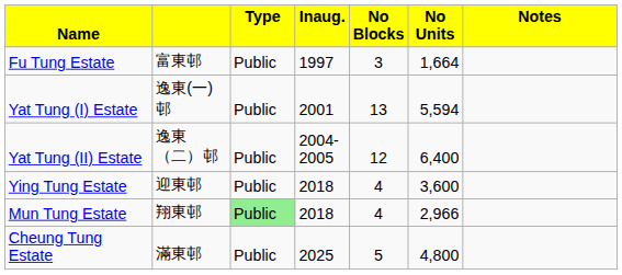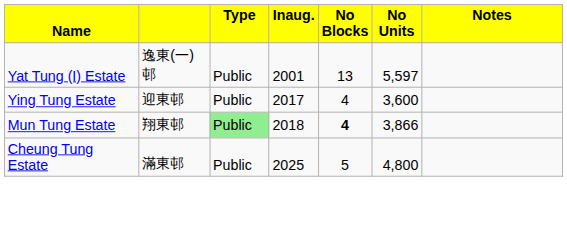 <table class="wikitable">
 <tr style="font-weight:bold;background-color:yellow" align="center" valign="top">
 <td width="143.25" Height="12.75" valign="bottom">Name</td>
 <td width="72.75" valign="top"></td>
 <td width="59.25" valign="top">Type</td>
 <td width="48" valign="top">Inaug.</td>
 <td width="48" valign="top">No Blocks</td>
 <td width="48.75" valign="bottom">No Units</td>
 <td width="150.75" valign="top">Notes</td>
 </tr>
 <tr valign="bottom">
-<td Height="12.75"><a href='#'>Fu Tung Estate</a></td>
-<td>富東邨</td>
-<td>Public</td>
-<td>1997</td>
-<td align="center">3</td>
-<td align="right">1,664</td>
-<td></td>
-</tr>
-<tr valign="bottom">
 <td Height="12.75"><a href='#'>Yat Tung (I) Estate</a></td>
 <td>逸東(一)邨</td>
 <td>Public</td>
 <td>2001</td>
 <td align="center">13</td>
-<td align="right">5,594</td>
-<td></td>
-</tr>
-<tr valign="bottom">
-<td Height="12.75"><a href='#'>Yat Tung (II) Estate</a></td>
-<td>逸東（二）邨</td>
-<td>Public</td>
-<td>2004-2005</td>
-<td align="center">12</td>
-<td align="right">6,400</td>
+<td align="right">5,597</td>
 <td></td>
 </tr>
 <tr valign="bottom">
 <td Height="12.75"><a href='#'>Ying Tung Estate</a></td>
 <td>迎東邨</td>
 <td>Public</td>
-<td>2018</td>
+<td>2017</td>
 <td align="center">4</td>
 <td align="right">3,600</td>
 <td></td>
 </tr>
 <tr valign="bottom">
 <td Height="12.75"><a href='#'>Mun Tung Estate</a></td>
 <td>翔東邨</td>
 <td style="background: lightgreen;">Public</td>
 <td>2018</td>
-<td align="center">4</td>
-<td align="right">2,966</td>
+<td align="center"><strong>4</strong></td>
+<td align="right">3,866</td>
 <td></td>
 </tr>
 <tr valign="bottom">
 <td Height="12.75"><a href='#'>Cheung Tung Estate</a></td>
 <td>滿東邨</td>
 <td>Public</td>
 <td>2025</td>
 <td align="center">5</td>
 <td align="right">4,800</td>
 <td></td>
 </tr>
 </table>
